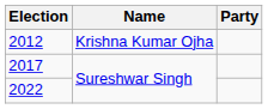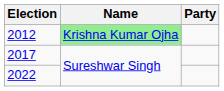 <table class="wikitable sortable">
 <tr>
 <th>Election</th>
 <th>Name</th>
 <th colspan=2>Party</th>
 </tr>
 <tr>
 <td><a href='#'>2012</a></td>
-<td><a href='#'>Krishna Kumar Ojha</a></td>
+<td style="background: lightgreen;"><a href='#'>Krishna Kumar Ojha</a></td>
 <td></td>
 </tr>
 <tr>
 <td><a href='#'>2017</a></td>
 <td rowspan=2><a href='#'>Sureshwar Singh</a></td>
 <td></td>
 </tr>
 <tr>
 <td><a href='#'>2022</a></td>
 </tr>
 </table>
